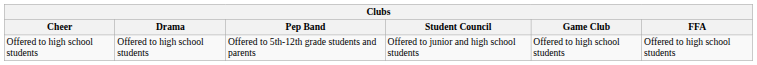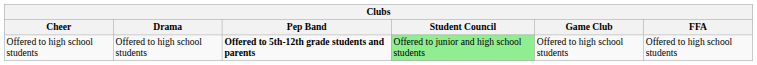 <table class="wikitable">
 <tr>
 <th colspan="6">Clubs</th>
 </tr>
 <tr>
 <th>Cheer</th>
 <th>Drama</th>
 <th>Pep Band</th>
 <th>Student Council</th>
 <th>Game Club</th>
 <th>FFA</th>
 </tr>
 <tr>
 <td>Offered to high school students</td>
 <td>Offered to high school students</td>
-<td>Offered to 5th-12th grade students and parents</td>
-<td>Offered to junior and high school students</td>
+<td><strong>Offered to 5th-12th grade students and parents</strong></td>
+<td style="background: lightgreen;">Offered to junior and high school students</td>
 <td>Offered to high school students</td>
 <td>Offered to high school students</td>
 </tr>
 </table>
